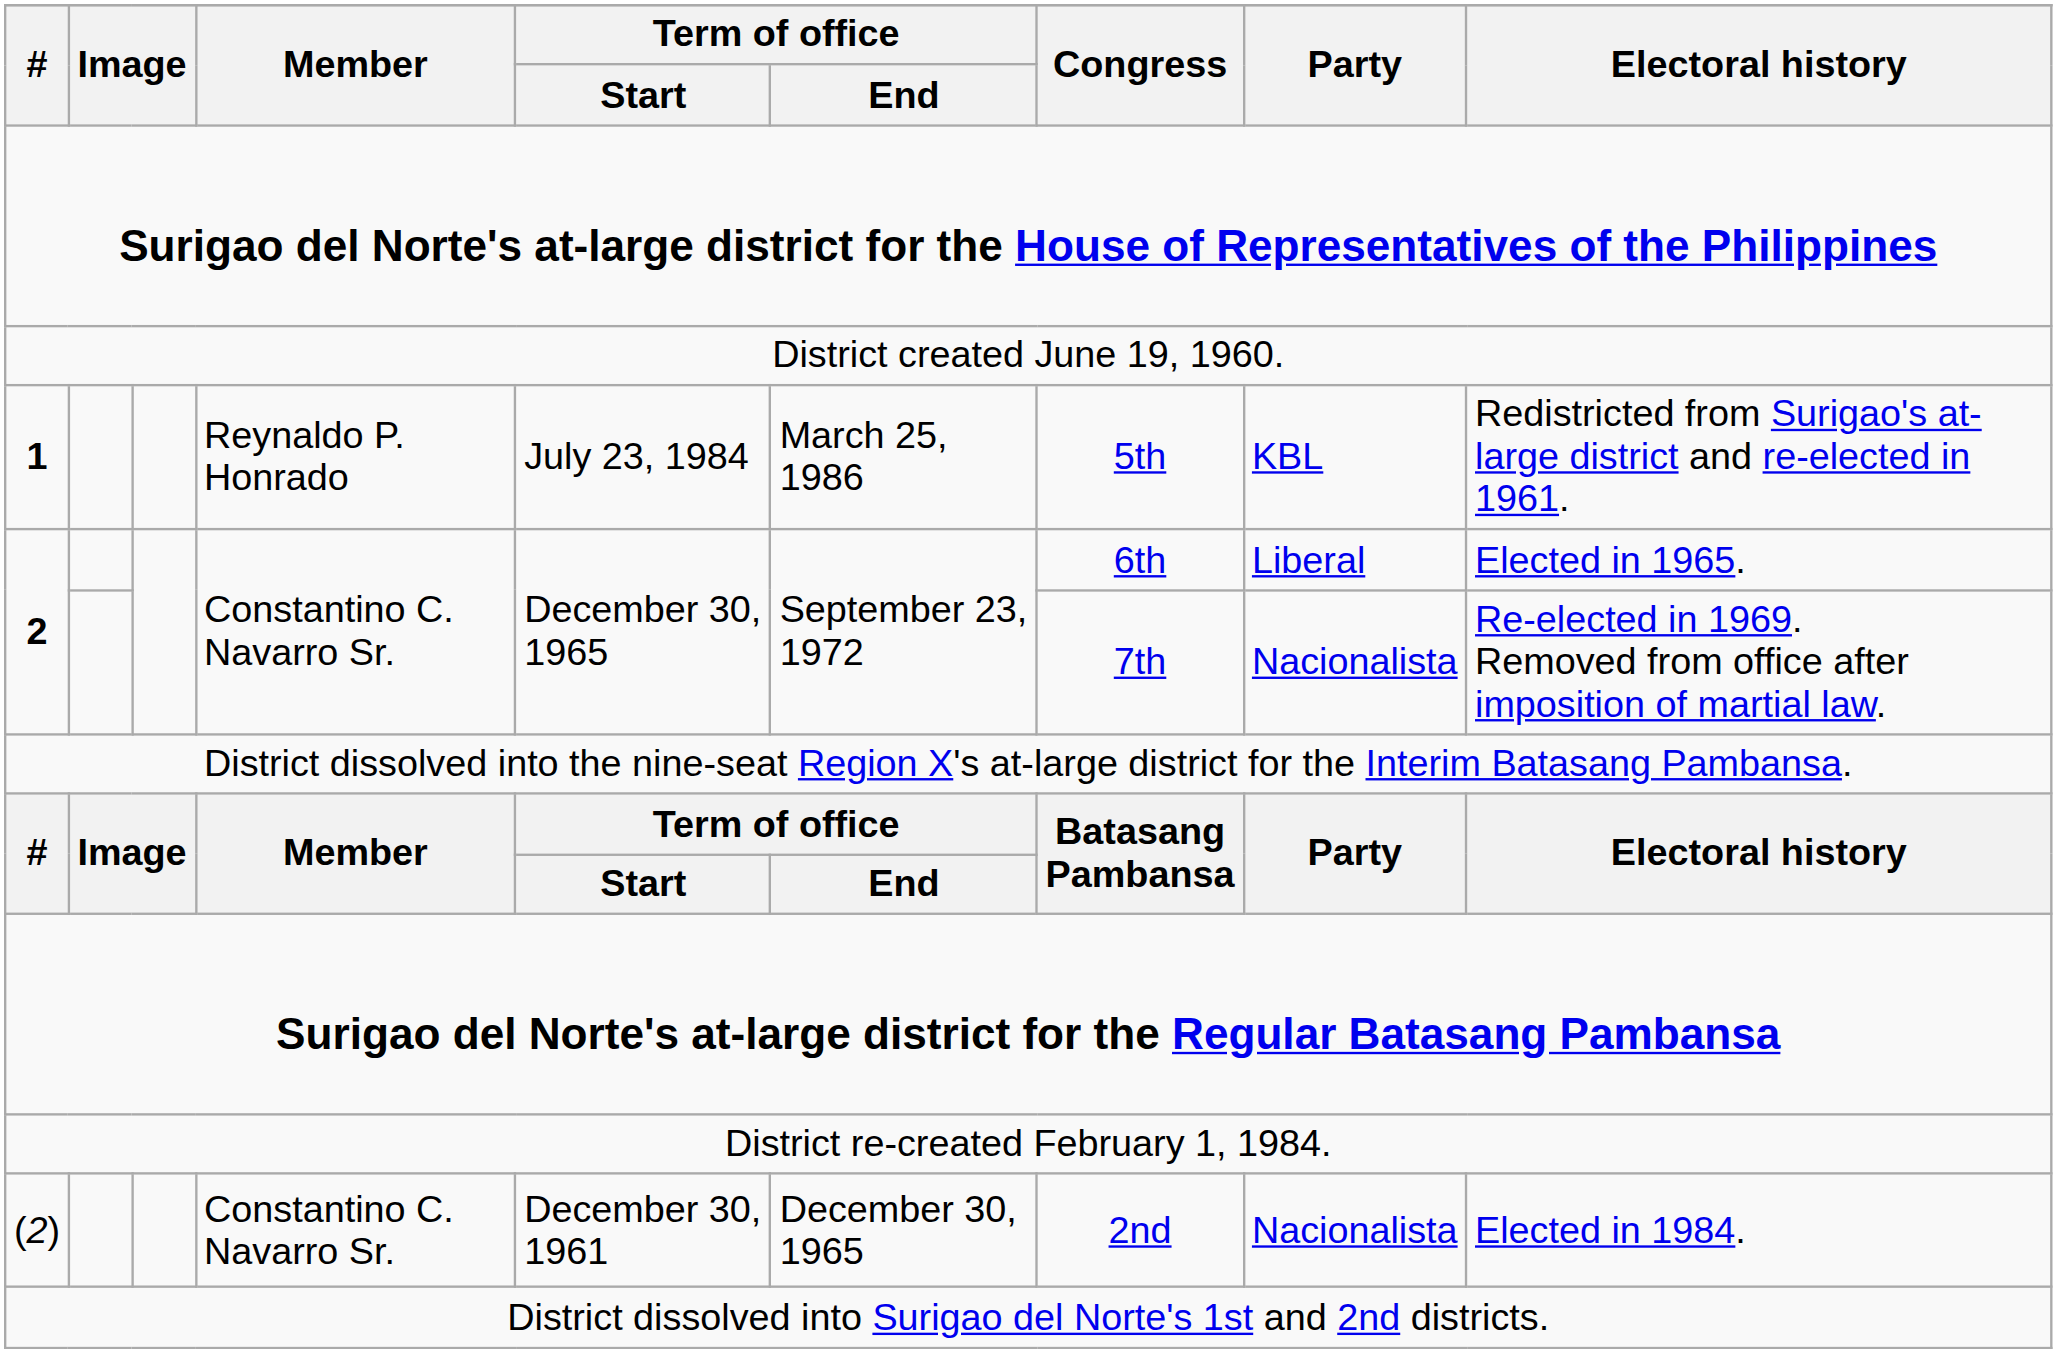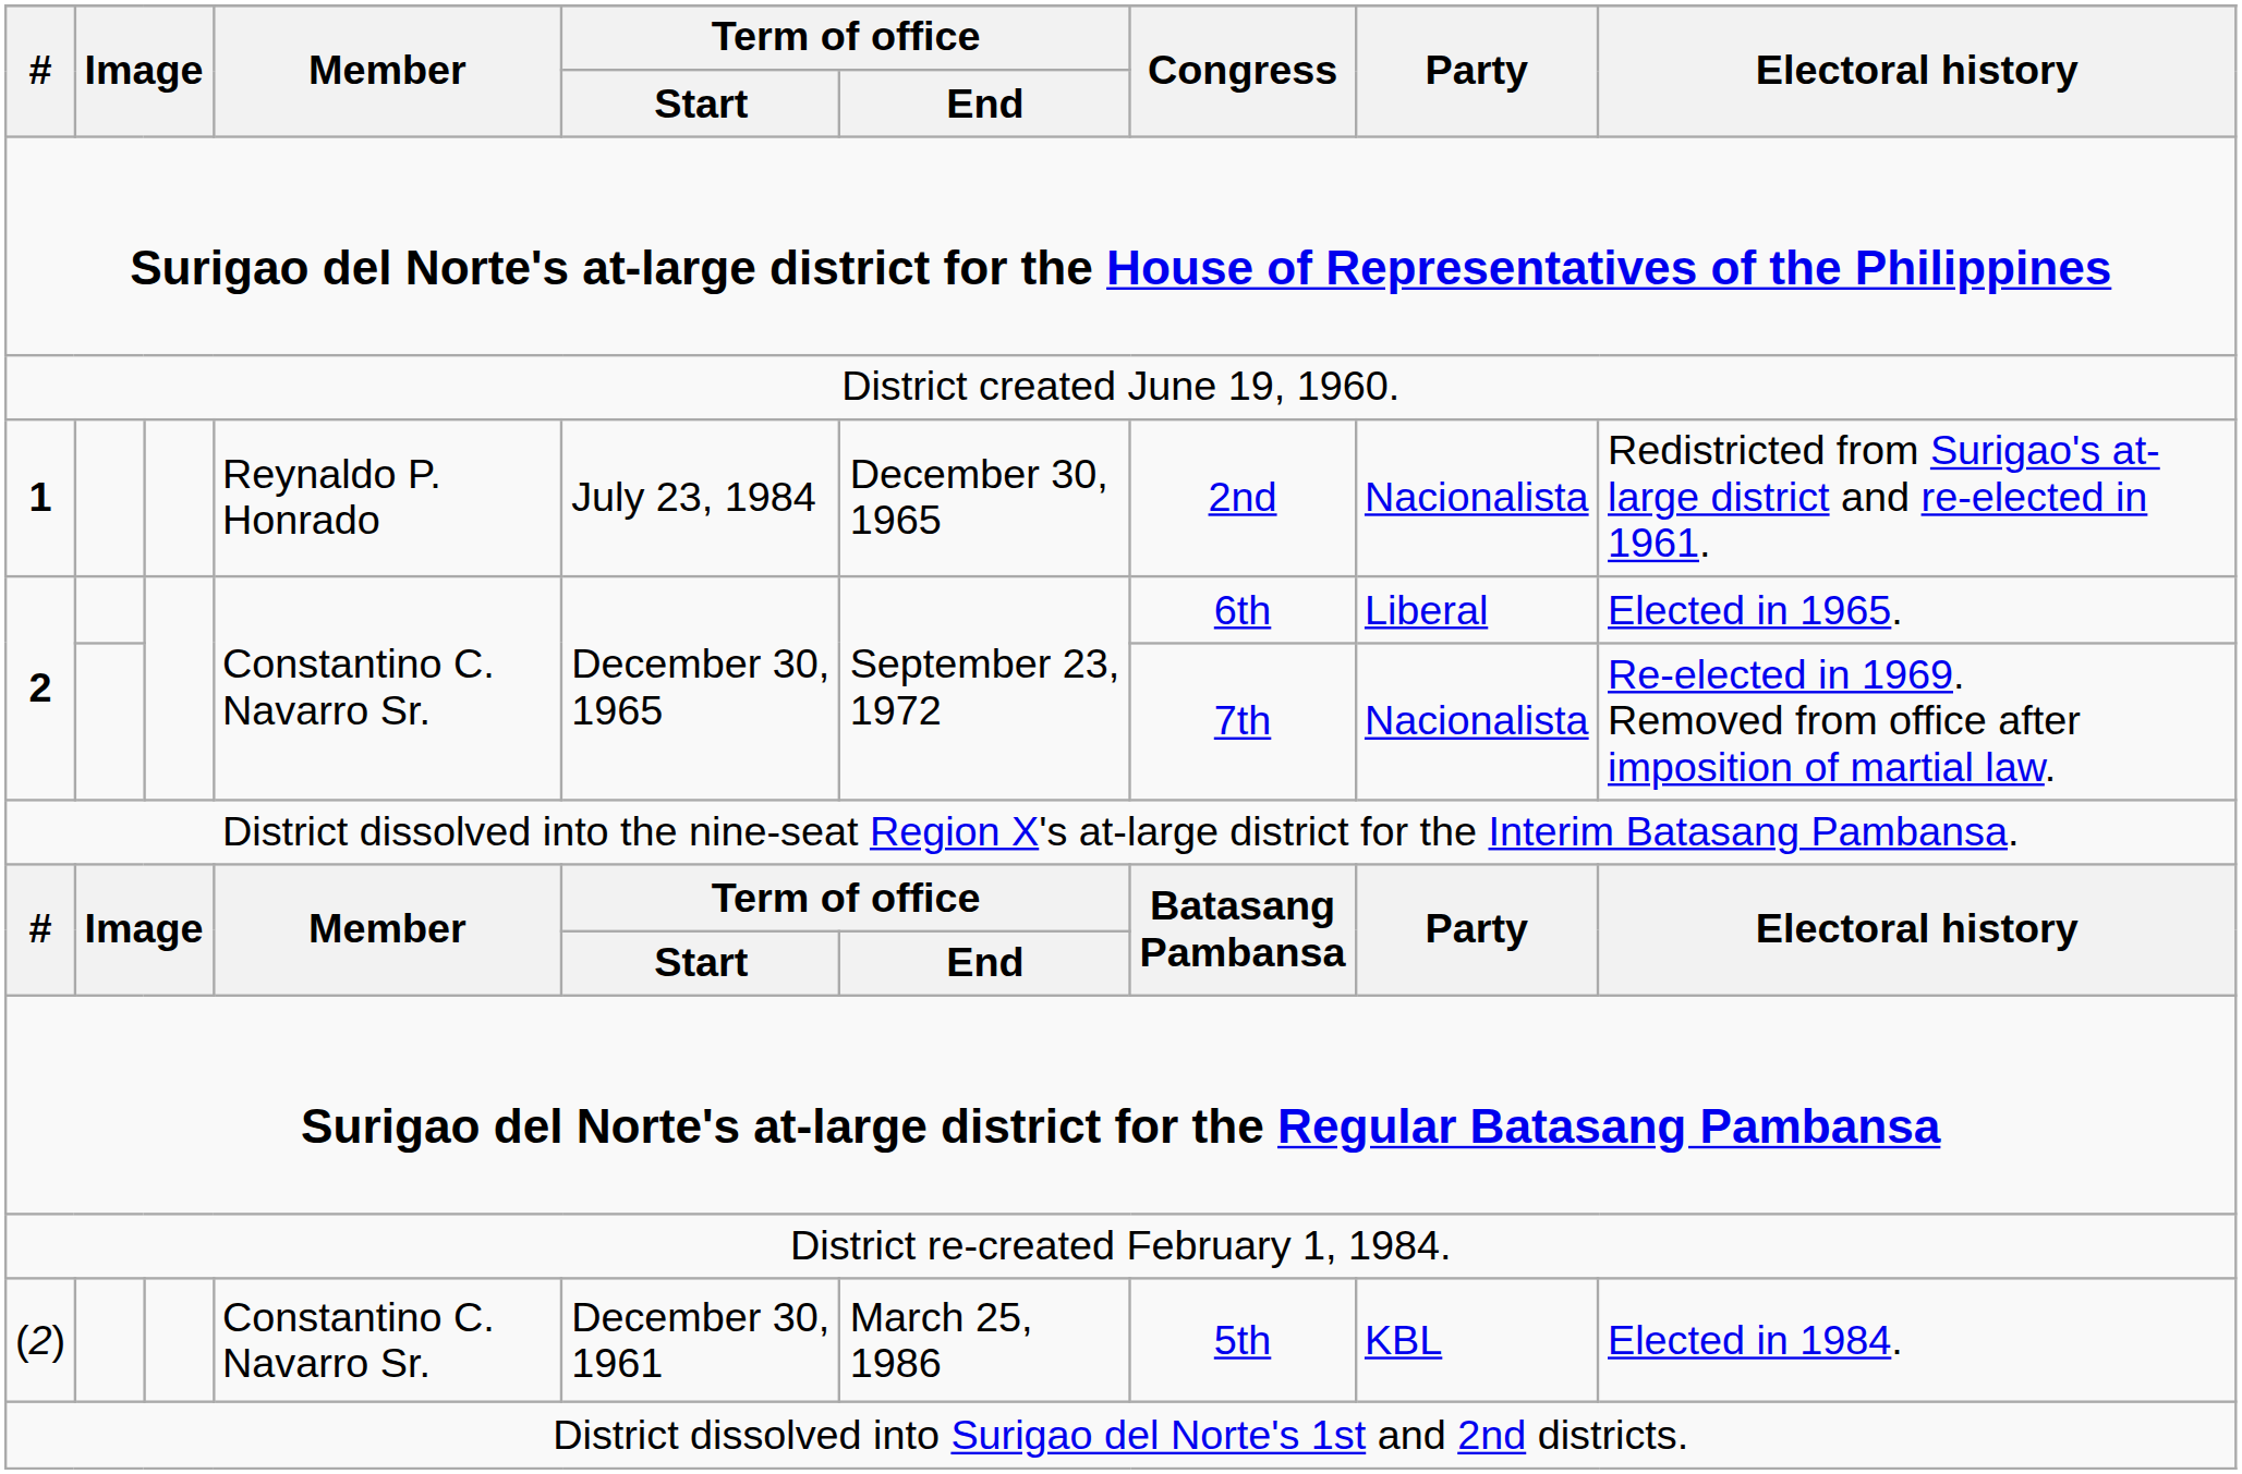 <table class=wikitable>
 <tr>
 </tr>
 <tr>
 <th rowspan="2">#</th>
 <th rowspan="2" colspan=2>Image</th>
 <th rowspan="2">Member</th>
 <th colspan=2>Term of office</th>
 <th rowspan="2">Congress</th>
 <th rowspan="2">Party</th>
 <th rowspan="2">Electoral history</th>
 </tr>
 <tr>
 <th>Start</th>
 <th>End</th>
 </tr>
 <tr>
 <td colspan="9" style="text-align:center;"><br><h3>Surigao del Norte's at-large district for the <a href='#'>House of Representatives of the Philippines</a></h3></td>
 </tr>
 <tr>
 <td colspan="9" style="text-align:center;">District created June 19, 1960.</td>
 </tr>
 <tr>
 <td style="text-align:center;"><strong>1</strong></td>
 <td style="color:inherit;background:"></td>
 <td></td>
 <td>Reynaldo P. Honrado</td>
 <td>July 23, 1984</td>
-<td>March 25, 1986</td>
-<td style="text-align:center;"><a href='#'>5th</a></td>
-<td><a href='#'>KBL</a></td>
+<td>December 30, 1965</td>
+<td style="text-align:center;"><a href='#'>2nd</a></td>
+<td><a href='#'>Nacionalista</a></td>
 <td>Redistricted  from <a href='#'>Surigao's at-large district</a> and <a href='#'>re-elected in 1961</a>.</td>
 </tr>
 <tr>
 <td rowspan="2" style="text-align:center;"><strong>2</strong></td>
 <td style="color:inherit;background:"></td>
 <td rowspan="2"></td>
 <td rowspan="2">Constantino C. Navarro Sr.</td>
 <td rowspan="2">December 30, 1965</td>
 <td rowspan="2">September 23, 1972</td>
 <td style="text-align:center;"><a href='#'>6th</a></td>
 <td><a href='#'>Liberal</a></td>
 <td><a href='#'>Elected in 1965</a>.</td>
 </tr>
 <tr>
 <td style="color:inherit;background:"></td>
 <td style="text-align:center;"><a href='#'>7th</a></td>
 <td><a href='#'>Nacionalista</a></td>
 <td><a href='#'>Re-elected in 1969</a>.<br>Removed from office after <a href='#'>imposition of martial law</a>.</td>
 </tr>
 <tr>
 <td colspan="9" style="text-align:center;">District dissolved into the nine-seat <a href='#'>Region X</a>'s at-large district for the <a href='#'>Interim Batasang Pambansa</a>.</td>
 </tr>
 <tr>
 <th rowspan="2">#</th>
 <th rowspan="2" colspan=2>Image</th>
 <th rowspan="2">Member</th>
 <th colspan=2>Term of office</th>
 <th rowspan="2">Batasang<br>Pambansa</th>
 <th rowspan="2">Party</th>
 <th rowspan="2">Electoral history</th>
 </tr>
 <tr>
 <th>Start</th>
 <th>End</th>
 </tr>
 <tr>
 <td colspan="9" style="text-align:center;"><br><h3>Surigao del Norte's at-large district for the <a href='#'>Regular Batasang Pambansa</a></h3></td>
 </tr>
 <tr>
 <td colspan="9" style="text-align:center;">District re-created February 1, 1984.</td>
 </tr>
 <tr style="height:3em">
 <td style="text-align:center;">(<em>2</em>)</td>
 <td style="color:inherit;background:"></td>
 <td></td>
 <td>Constantino C. Navarro Sr.</td>
 <td>December 30, 1961</td>
-<td>December 30, 1965</td>
-<td style="text-align:center;"><a href='#'>2nd</a></td>
-<td><a href='#'>Nacionalista</a></td>
+<td>March 25, 1986</td>
+<td style="text-align:center;"><a href='#'>5th</a></td>
+<td><a href='#'>KBL</a></td>
 <td><a href='#'>Elected in 1984</a>.</td>
 </tr>
 <tr>
 <td colspan="15" style="text-align:center;">District dissolved into <a href='#'>Surigao del Norte's 1st</a> and <a href='#'>2nd</a> districts.</td>
 </tr>
 </table>
